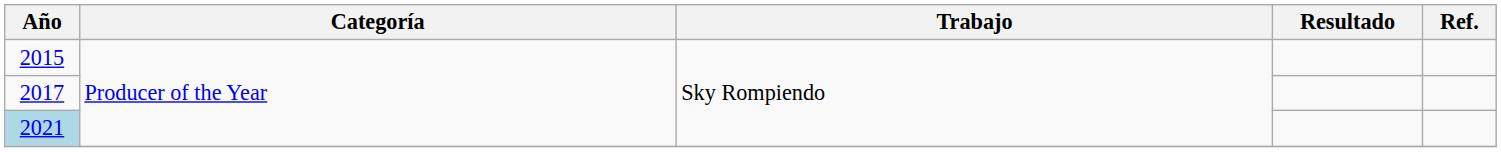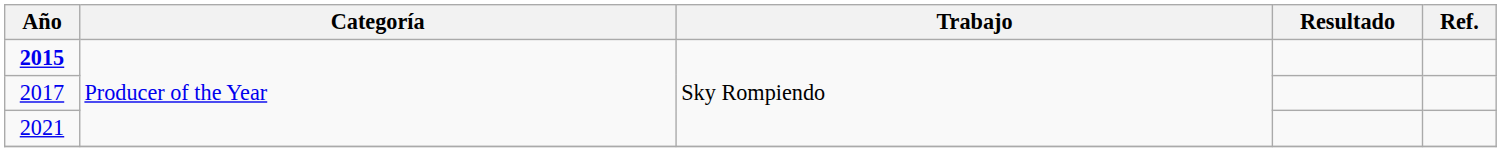 <table class="wikitable" style="width:85%;">
 <tr>
 <th width=5%>Año</th>
 <th style="width:40%;">Categoría</th>
 <th style="width:40%;">Trabajo</th>
 <th style="width:10%;">Resultado</th>
 <th style="width:5%;">Ref.</th>
 </tr>
 <tr>
-<td style="text-align:center;"><a href='#'>2015</a></td>
+<td style="text-align:center;"><strong><a href='#'>2015</a></strong></td>
 <td rowspan="3"><a href='#'>Producer of the Year</a></td>
 <td rowspan="3">Sky Rompiendo</td>
 <td></td>
 <td></td>
 </tr>
 <tr>
 <td style="text-align:center;"><a href='#'>2017</a></td>
 <td></td>
 <td></td>
 </tr>
 <tr>
-<td style="background: lightblue; text-align:center;"><a href='#'>2021</a></td>
+<td style="text-align:center;"><a href='#'>2021</a></td>
 <td></td>
 <td></td>
 </tr>
 <tr>
 </tr>
 </table>
